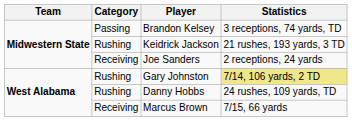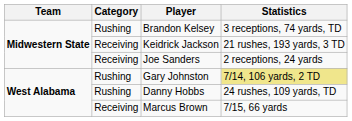 <table class="wikitable" style="float: left;">
 <tr>
 <th>Team</th>
 <th>Category</th>
 <th>Player</th>
 <th>Statistics</th>
 </tr>
 <tr>
 <td rowspan=3><strong>Midwestern State</strong></td>
-<td>Passing</td>
+<td>Rushing</td>
 <td>Brandon Kelsey</td>
 <td>3 receptions, 74 yards, TD</td>
 </tr>
 <tr>
-<td>Rushing</td>
+<td>Receiving</td>
 <td>Keidrick Jackson</td>
 <td>21 rushes, 193 yards, 3 TD</td>
 </tr>
 <tr>
 <td>Receiving</td>
 <td>Joe Sanders</td>
 <td>2 receptions, 24 yards</td>
 </tr>
 <tr>
 <td rowspan=3><strong>West Alabama</strong></td>
 <td>Rushing</td>
 <td>Gary Johnston</td>
 <td style="background: khaki;">7/14, 106 yards, 2 TD</td>
 </tr>
 <tr>
 <td>Rushing</td>
 <td>Danny Hobbs</td>
 <td>24 rushes, 109 yards, TD</td>
 </tr>
 <tr>
 <td>Receiving</td>
 <td>Marcus Brown</td>
 <td>7/15, 66 yards</td>
 </tr>
 </table>
